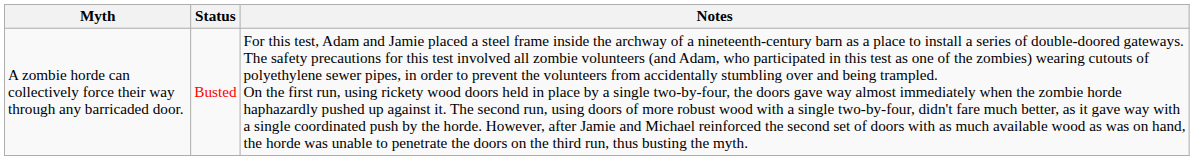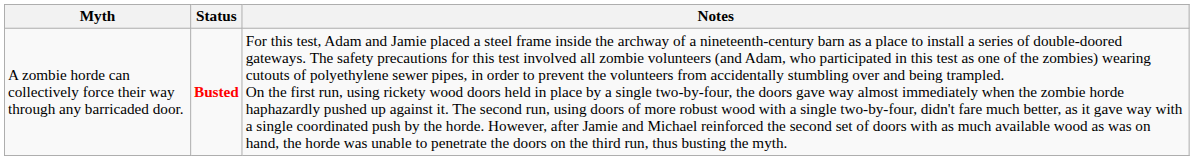 <table class="wikitable plainrowheaders">
 <tr>
 <th scope="col">Myth</th>
 <th scope="col">Status</th>
 <th scope="col">Notes</th>
 </tr>
 <tr>
 <td scope="row">A zombie horde can collectively force their way through any barricaded door.</td>
-<td style="color:red">Busted</td>
+<td style="color:red"><strong>Busted</strong></td>
 <td>For this test, Adam and Jamie placed a steel frame inside the archway of a nineteenth-century barn as a place to install a series of double-doored gateways. The safety precautions for this test involved all zombie volunteers (and Adam, who participated in this test as one of the zombies) wearing cutouts of polyethylene sewer pipes, in order to prevent the volunteers from accidentally stumbling over and being trampled.<br>On the first run, using rickety wood doors held in place by a single two-by-four, the doors gave way almost immediately when the zombie horde haphazardly pushed up against it. The second run, using doors of more robust wood with a single two-by-four, didn't fare much better, as it gave way with a single coordinated push by the horde. However, after Jamie and Michael reinforced the second set of doors with as much available wood as was on hand, the horde was unable to penetrate the doors on the third run, thus busting the myth.</td>
 </tr>
 </table>
